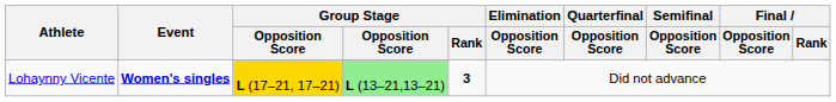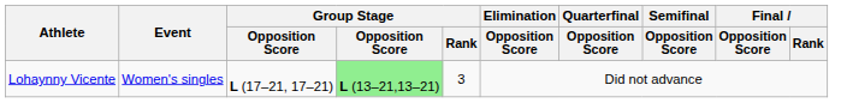 <table class="wikitable" style="font-size:90%">
 <tr>
 <th rowspan=2>Athlete</th>
 <th rowspan=2>Event</th>
 <th colspan=3>Group Stage</th>
 <th>Elimination</th>
 <th>Quarterfinal</th>
 <th>Semifinal</th>
 <th colspan=2>Final / </th>
 </tr>
 <tr style="font-size:95%">
 <th>Opposition<br>Score</th>
 <th>Opposition<br>Score</th>
 <th>Rank</th>
 <th>Opposition<br>Score</th>
 <th>Opposition<br>Score</th>
 <th>Opposition<br>Score</th>
 <th>Opposition<br>Score</th>
 <th>Rank</th>
 </tr>
 <tr align=center>
 <td align=left><a href='#'>Lohaynny Vicente</a></td>
-<td align=left><strong><a href='#'>Women's singles</a></strong></td>
-<td style="background: gold;"><br><strong>L</strong> (17–21, 17–21)</td>
+<td align=left><a href='#'>Women's singles</a></td>
+<td><br><strong>L</strong> (17–21, 17–21)</td>
 <td style="background: lightgreen;"><br><strong>L</strong> (13–21,13–21)</td>
-<td><strong>3</strong></td>
+<td>3</td>
 <td colspan=5>Did not advance</td>
 </tr>
 </table>
